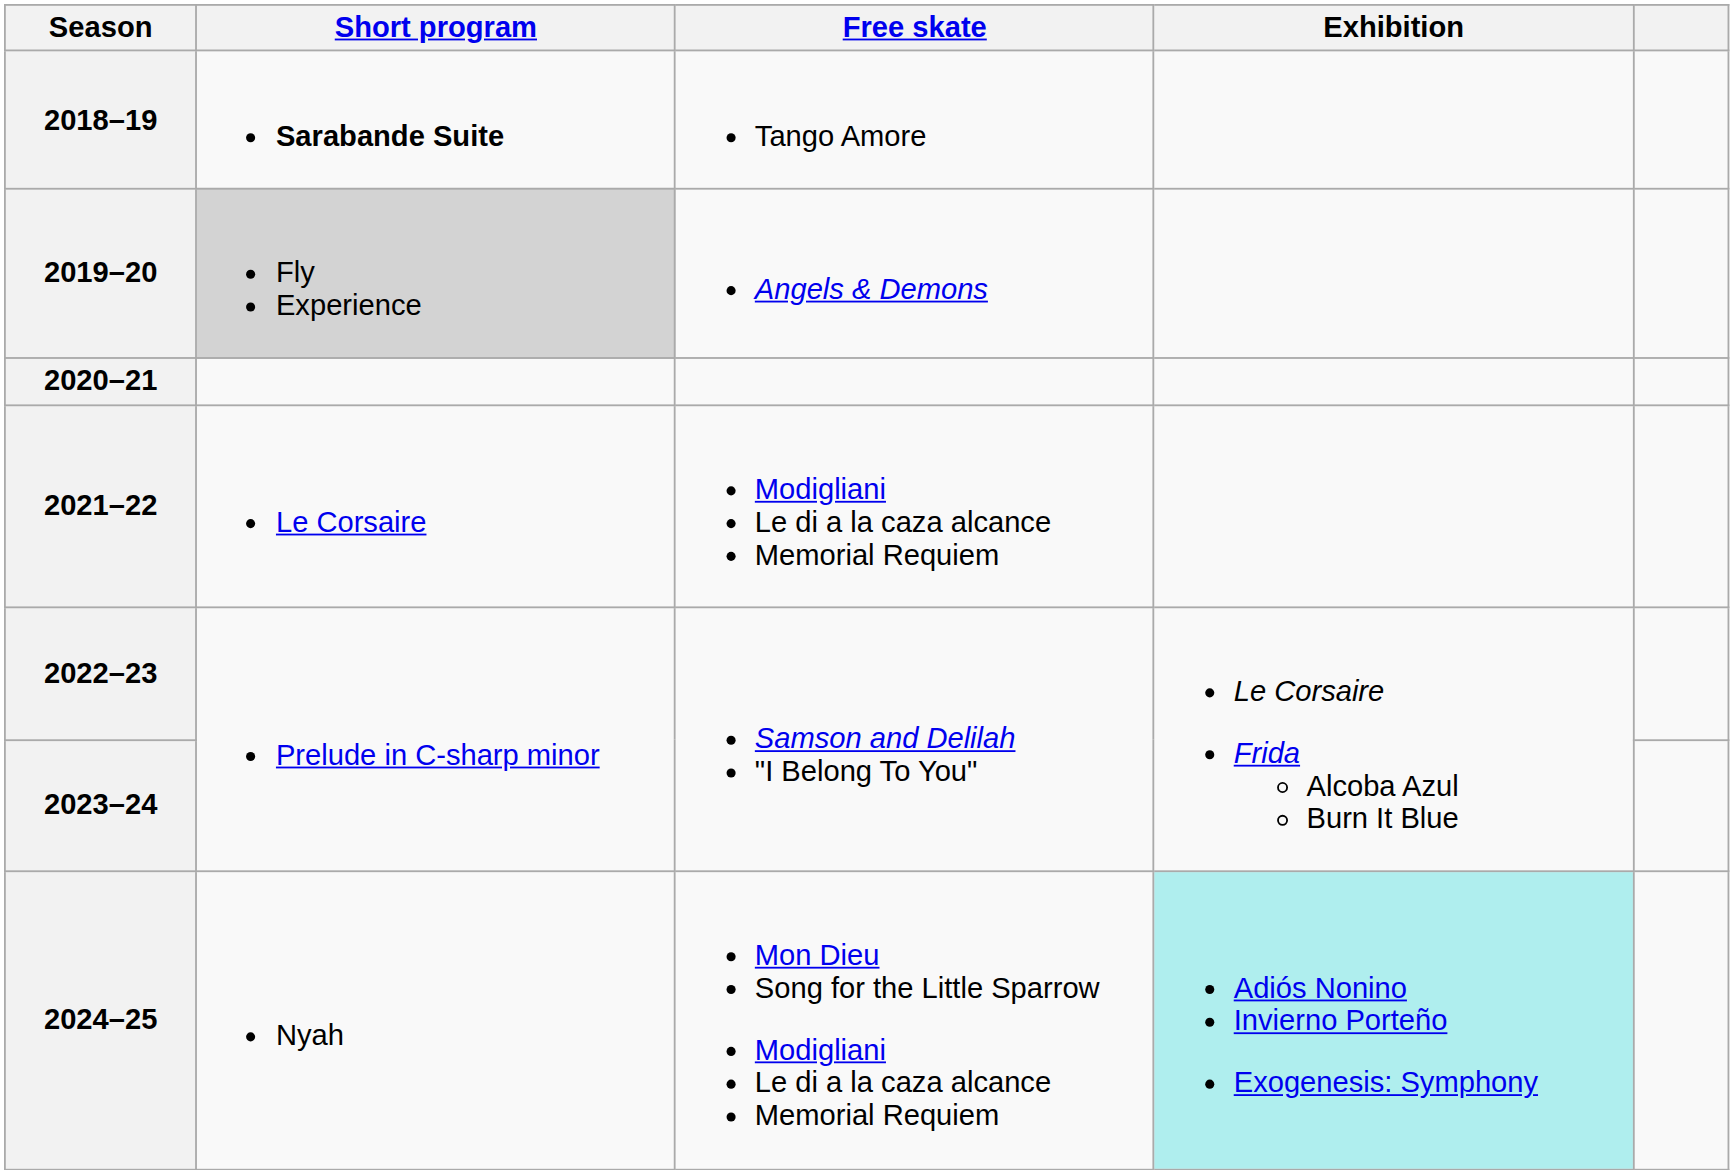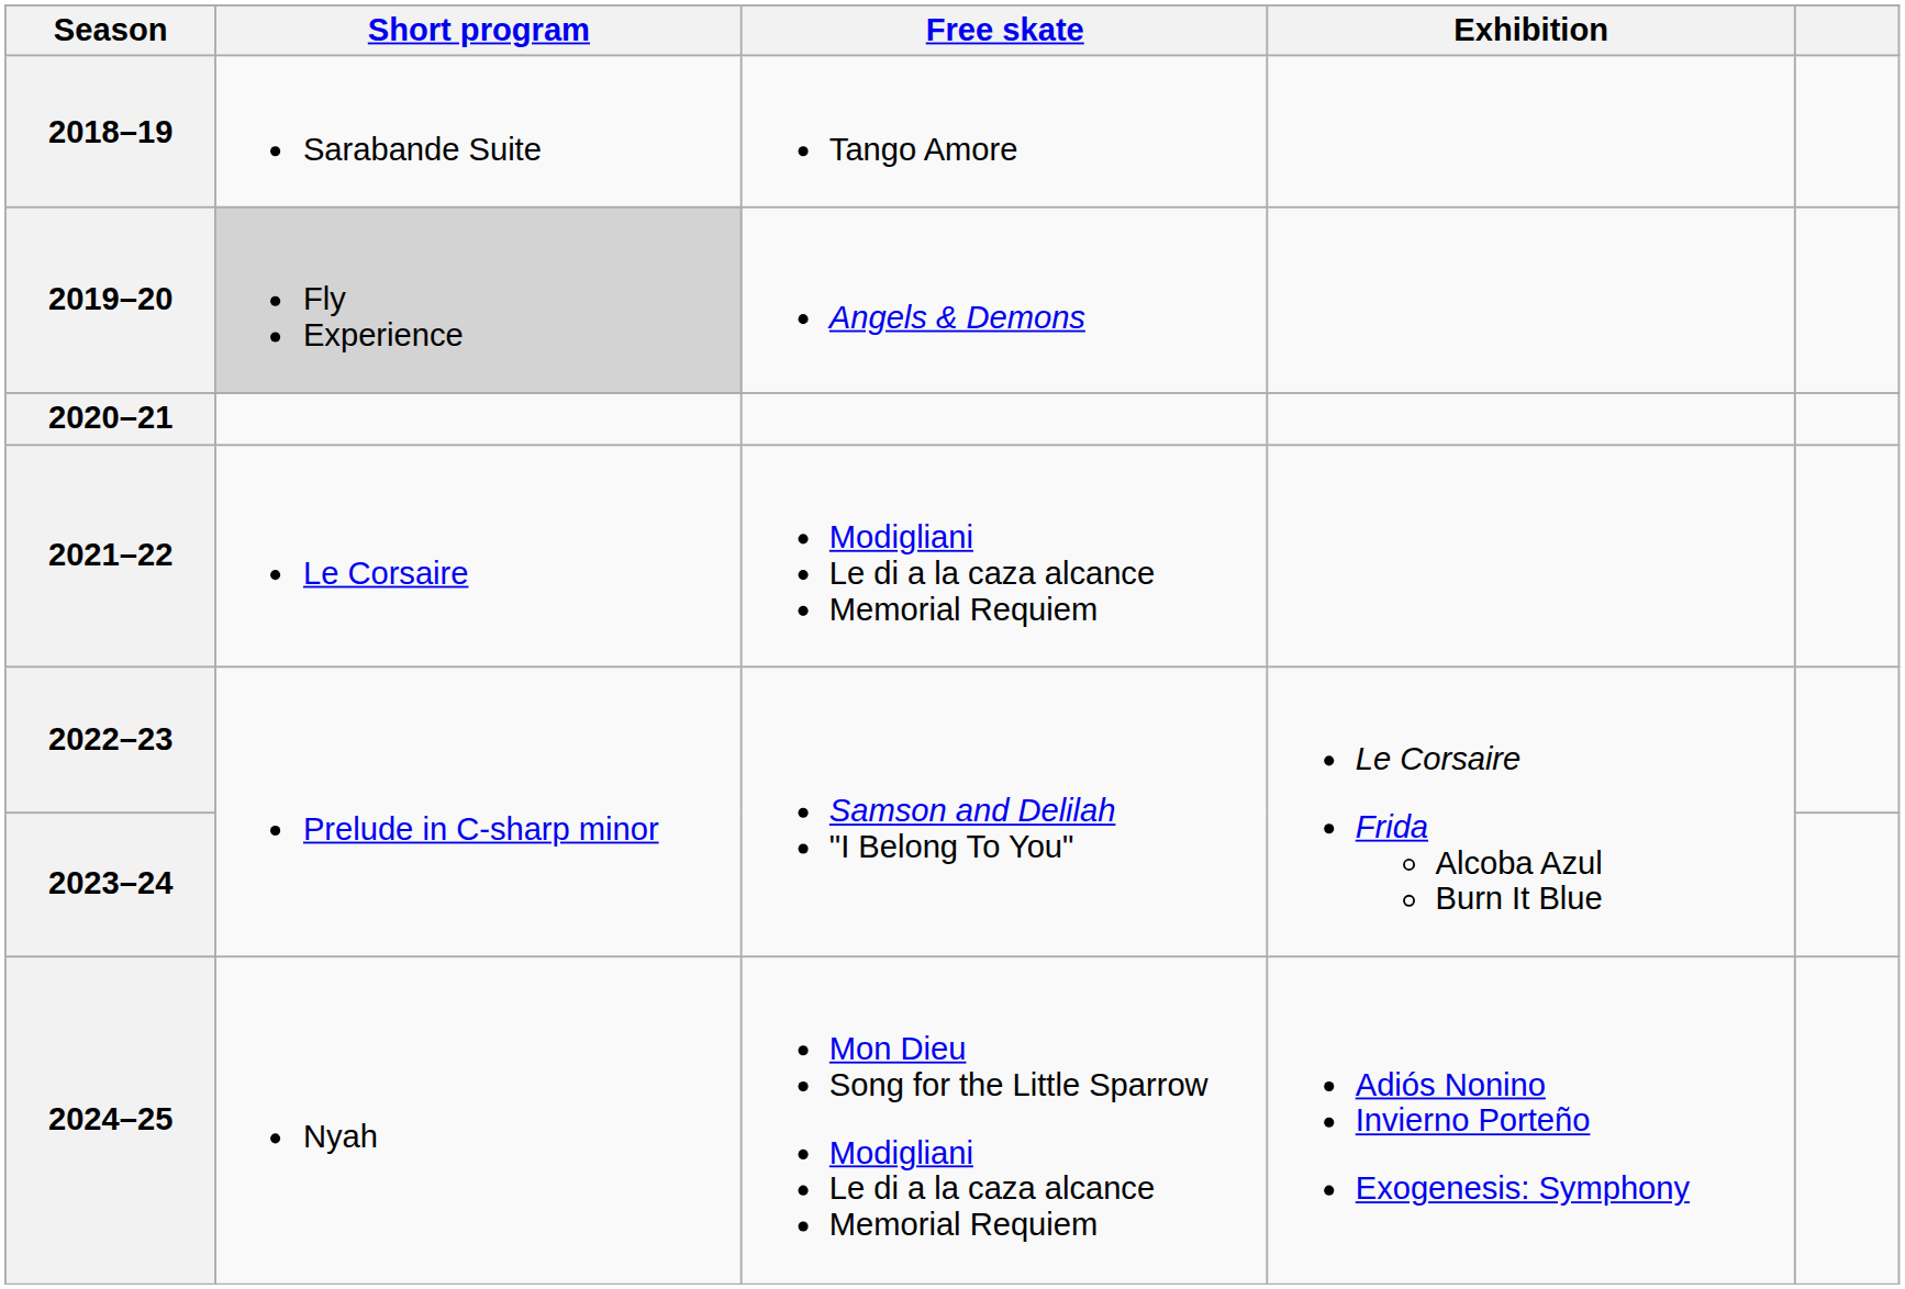 <table class="wikitable unsortable" style="text-align:left">
 <tr>
 <th scope="col" style="text-align:center; width:10%">Season</th>
 <th scope="col" style="text-align:center; width:25%"><a href='#'>Short program</a></th>
 <th scope="col" style="text-align:center; width:25%"><a href='#'>Free skate</a></th>
 <th scope="col" style="text-align:center; width:25%">Exhibition</th>
 <th scope="col" style="text-align:center; width:5%"></th>
 </tr>
 <tr>
 <th scope="row">2018–19</th>
-<td><strong><br><ul><li>Sarabande Suite <br></li></ul></strong></td>
+<td><br><ul><li>Sarabande Suite <br></li></ul></td>
 <td><br><ul><li>Tango Amore <br></li></ul></td>
 <td></td>
 <td></td>
 </tr>
 <tr>
 <th scope="row">2019–20</th>
 <td style="background: lightgrey;"><br><ul><li>Fly <br></li><li>Experience <br></li></ul></td>
 <td><br><ul><li><em><a href='#'>Angels & Demons</a></em><br></li></ul></td>
 <td></td>
 <td></td>
 </tr>
 <tr>
 <th scope="row">2020–21</th>
 <td></td>
 <td></td>
 <td></td>
 <td></td>
 </tr>
 <tr>
 <th scope="row">2021–22</th>
 <td><br><ul><li><a href='#'>Le Corsaire</a><br></li></ul></td>
 <td><br><ul><li><a href='#'>Modigliani</a><br></li><li>Le di a la caza alcance <br></li><li>Memorial Requiem <br></li></ul></td>
 <td></td>
 <td></td>
 </tr>
 <tr>
 <th scope="row">2022–23</th>
 <td rowspan="2"><br><ul><li><a href='#'>Prelude in C-sharp minor</a><br></li></ul></td>
 <td rowspan="2"><br><ul><li><em><a href='#'>Samson and Delilah</a></em><br></li><li>"I Belong To You"<br></li></ul></td>
 <td rowspan="2"><br><ul><li><em>Le Corsaire</em></li></ul><ul><li><em><a href='#'>Frida</a></em><ul><li>Alcoba Azul <br></li><li>Burn It Blue <br></li></ul></li></ul></td>
 <td></td>
 </tr>
 <tr>
 <th scope="row">2023–24</th>
 <td></td>
 </tr>
 <tr>
 <th scope="row">2024–25</th>
 <td><br><ul><li>Nyah <br> </li></ul></td>
 <td><br><ul><li><a href='#'>Mon Dieu</a><br></li><li>Song for the Little Sparrow <br></li></ul><ul><li><a href='#'>Modigliani</a><br></li><li>Le di a la caza alcance <br></li><li>Memorial Requiem <br></li></ul></td>
-<td style="background: paleturquoise;"><br><ul><li><a href='#'>Adiós Nonino</a></li><li><a href='#'>Invierno Porteño</a><br></li></ul><ul><li><a href='#'>Exogenesis: Symphony</a> <br> </li></ul></td>
+<td><br><ul><li><a href='#'>Adiós Nonino</a></li><li><a href='#'>Invierno Porteño</a><br></li></ul><ul><li><a href='#'>Exogenesis: Symphony</a> <br> </li></ul></td>
 <td></td>
 </tr>
 </table>
